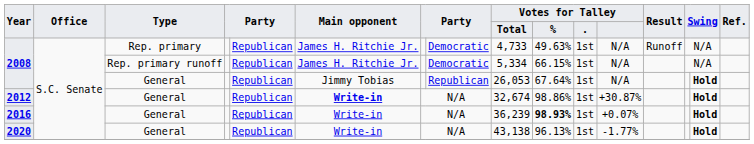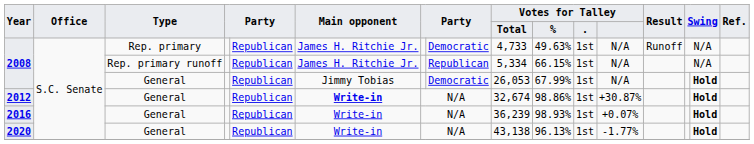 <table class="wikitable" style="font-size: 90%; text-align:center;">
 <tr>
 <th style="background-color:#EAECF0;" rowspan=2>Year</th>
 <th style="background-color:#EAECF0;" rowspan=2>Office</th>
 <th style="background-color:#EAECF0;" rowspan=2>Type</th>
 <th style="background-color:#EAECF0;" colspan=2 rowspan=2>Party</th>
 <th style="background-color:#EAECF0;" rowspan=2>Main opponent</th>
 <th style="background-color:#EAECF0;" colspan=2 rowspan=2>Party</th>
 <th style="background-color:#EAECF0;" colspan=4>Votes for Talley</th>
 <th style="background-color:#EAECF0;" rowspan=2>Result</th>
 <th style="background-color:#EAECF0;" colspan=2 rowspan=2><a href='#'>Swing</a></th>
 <th style="background-color:#EAECF0;" colspan=2 rowspan=2>Ref.</th>
 </tr>
 <tr>
 <th style="background-color:#EAECF0;">Total</th>
 <th style="background-color:#EAECF0;">%</th>
 <th style="background-color:#EAECF0;">.</th>
 <th style="background-color:#EAECF0;"></th>
 </tr>
 <tr>
 <th rowspan=3 style="background-color:#EAECF0;"><a href='#'>2008</a></th>
 <td rowspan=6>S.C. Senate</td>
 <td>Rep. primary</td>
 <td style="background-color:"></td>
 <td><a href='#'>Republican</a></td>
 <td><a href='#'>James H. Ritchie Jr.</a></td>
 <td style="background-color:"></td>
 <td><a href='#'>Democratic</a></td>
 <td>4,733</td>
 <td>49.63%</td>
 <td>1st</td>
 <td>N/A</td>
 <td>Runoff</td>
 <td colspan=2>N/A</td>
 <td></td>
 </tr>
 <tr>
 <td>Rep. primary runoff</td>
 <td style="background-color:"></td>
 <td><a href='#'>Republican</a></td>
 <td><a href='#'>James H. Ritchie Jr.</a></td>
 <td style="background-color:"></td>
-<td><a href='#'>Democratic</a></td>
+<td><a href='#'>Republican</a></td>
 <td>5,334</td>
 <td>66.15%</td>
 <td>1st</td>
 <td>N/A</td>
 <td></td>
 <td colspan=2>N/A</td>
 <td></td>
 </tr>
 <tr>
 <td>General</td>
 <td style="background-color:"></td>
 <td><a href='#'>Republican</a></td>
 <td>Jimmy Tobias</td>
 <td style="background-color:"></td>
-<td><a href='#'>Republican</a></td>
+<td><a href='#'>Democratic</a></td>
 <td>26,053</td>
-<td>67.64%</td>
+<td>67.99%</td>
 <td>1st</td>
 <td>N/A</td>
 <td></td>
 <td style="background-color:"></td>
 <td><strong>Hold</strong></td>
 <td></td>
 </tr>
 <tr>
 <th style="background-color:#EAECF0;"><a href='#'>2012</a></th>
 <td>General</td>
 <td style="background-color:"></td>
 <td><a href='#'>Republican</a></td>
 <td><strong><a href='#'>Write-in</a></strong></td>
 <td colspan=2>N/A</td>
 <td>32,674</td>
 <td>98.86%</td>
 <td>1st</td>
 <td>+30.87%</td>
 <td></td>
 <td style="background-color:"></td>
 <td><strong>Hold</strong></td>
 <td></td>
 </tr>
 <tr>
 <th style="background-color:#EAECF0;"><a href='#'>2016</a></th>
 <td>General</td>
 <td style="background-color:"></td>
 <td><a href='#'>Republican</a></td>
 <td><a href='#'>Write-in</a></td>
 <td colspan=2>N/A</td>
 <td>36,239</td>
-<td><strong>98.93%</strong></td>
+<td>98.93%</td>
 <td>1st</td>
 <td>+0.07%</td>
 <td></td>
 <td style="background-color:"></td>
 <td><strong>Hold</strong></td>
 <td></td>
 </tr>
 <tr>
 <th style="background-color:#EAECF0;"><a href='#'>2020</a></th>
 <td>General</td>
 <td style="background-color:"></td>
 <td><a href='#'>Republican</a></td>
 <td><a href='#'>Write-in</a></td>
 <td colspan=2>N/A</td>
 <td>43,138</td>
 <td>96.13%</td>
 <td>1st</td>
 <td>-1.77%</td>
 <td></td>
 <td style="background-color:"></td>
 <td><strong>Hold</strong></td>
 <td></td>
 </tr>
 <tr>
 </tr>
 </table>
